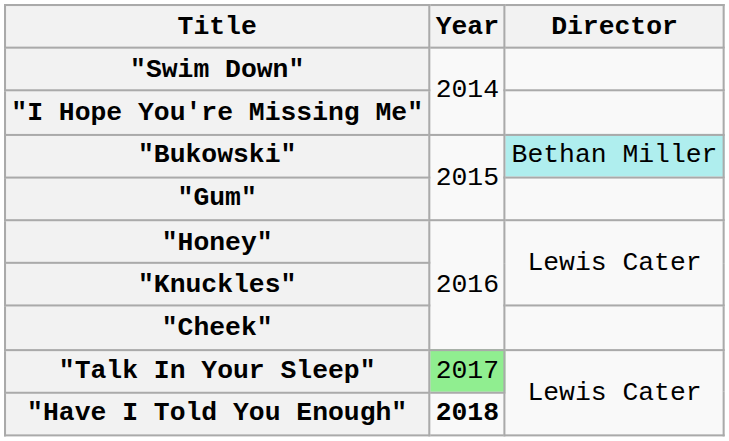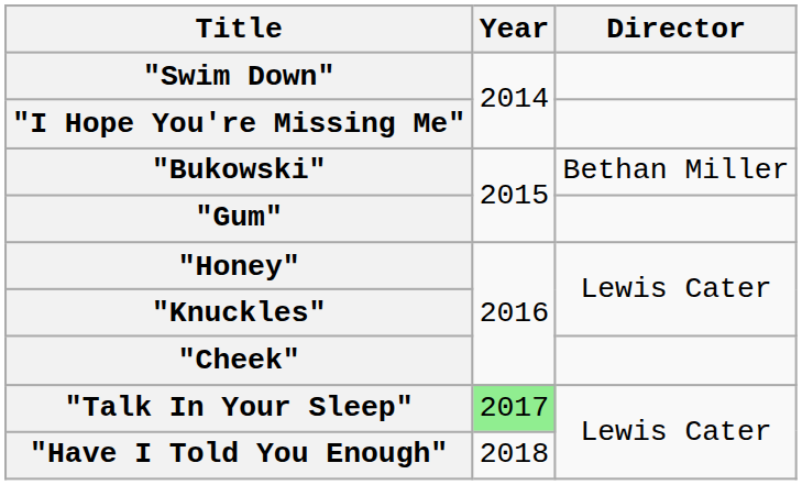 <table class="wikitable plainrowheaders" style="text-align:center;">
 <tr>
 <th scope=col>Title</th>
 <th scope=col>Year</th>
 <th scope=col>Director</th>
 </tr>
 <tr>
 <th scope="row">"Swim Down"</th>
 <td rowspan="2">2014</td>
 <td style="text-align:left;"></td>
 </tr>
 <tr>
 <th scope="row">"I Hope You're Missing Me"</th>
 <td style="text-align:left;"></td>
 </tr>
 <tr>
 <th scope="row">"Bukowski"</th>
 <td rowspan="2">2015</td>
-<td style="background: paleturquoise; text-align:left;">Bethan Miller</td>
+<td style="text-align:left;">Bethan Miller</td>
 </tr>
 <tr>
 <th scope="row">"Gum"</th>
 <td style="text-align:left;"></td>
 </tr>
 <tr>
 <th scope="row">"Honey"</th>
 <td rowspan="3">2016</td>
 <td rowspan="2">Lewis Cater</td>
 </tr>
 <tr>
 <th scope="row">"Knuckles"</th>
 </tr>
 <tr>
 <th scope="row">"Cheek"</th>
 <td style="text-align:left;"></td>
 </tr>
 <tr>
 <th scope="row">"Talk In Your Sleep"</th>
 <td style="background: lightgreen;">2017</td>
 <td rowspan="2">Lewis Cater</td>
 </tr>
 <tr>
 <th scope="row">"Have I Told You Enough"</th>
-<td><strong>2018</strong></td>
+<td>2018</td>
 </tr>
 </table>
